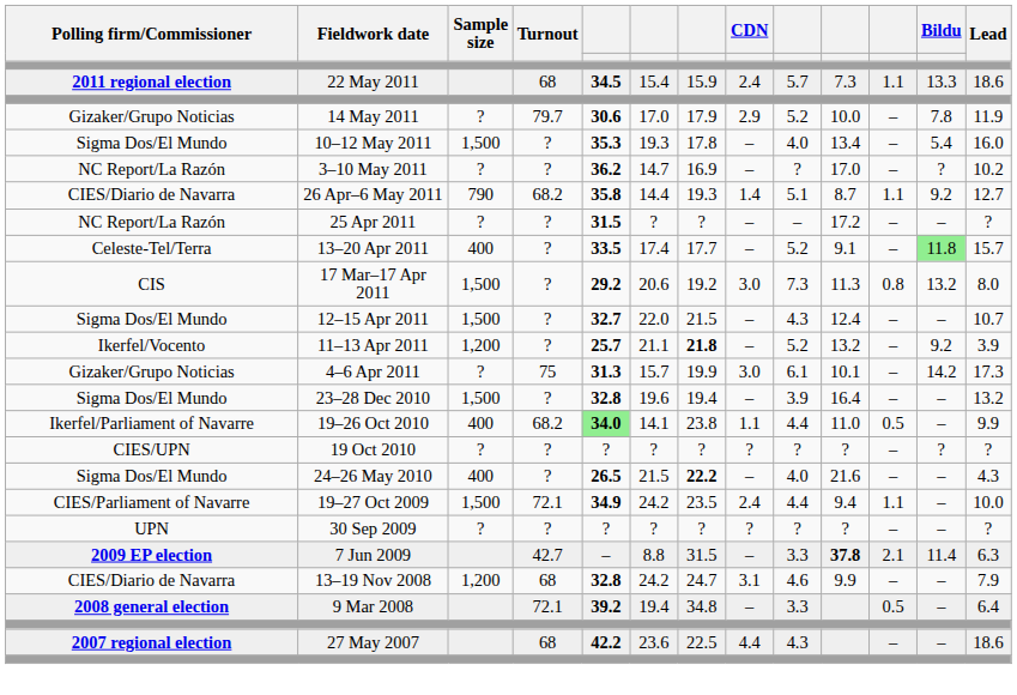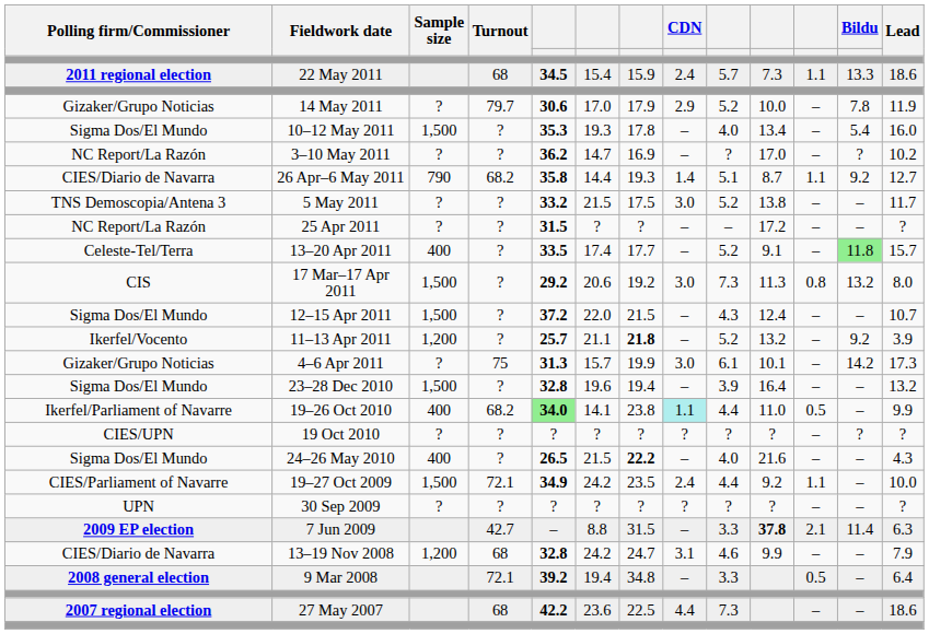 <table class="wikitable collapsible collapsed" style="text-align:center; font-size:95%; line-height:16px;">
 <tr style="height:42px;">
 <th style="width:250px;" rowspan="2">Polling firm/Commissioner</th>
 <th style="width:125px;" rowspan="2">Fieldwork date</th>
 <th style="width:50px;" rowspan="2">Sample size</th>
 <th style="width:45px;" rowspan="2">Turnout</th>
 <th style="width:35px;"></th>
 <th style="width:35px;"></th>
 <th style="width:35px;"></th>
 <th style="width:35px;"><a href='#'>CDN</a></th>
 <th style="width:35px;"></th>
 <th style="width:35px;"></th>
 <th style="width:35px;"></th>
 <th style="width:35px;"><a href='#'>Bildu</a></th>
 <th style="width:30px;" rowspan="2">Lead</th>
 </tr>
 <tr>
 <th style="color:inherit;background:"></th>
 <th style="color:inherit;background:"></th>
 <th style="color:inherit;background:"></th>
 <th style="color:inherit;background:"></th>
 <th style="color:inherit;background:"></th>
 <th style="color:inherit;background:"></th>
 <th style="color:inherit;background:"></th>
 <th style="color:inherit;background:"></th>
 </tr>
 <tr>
 <td colspan="13" style="background:#A0A0A0"></td>
 </tr>
 <tr style="background:#EFEFEF;">
 <td><strong><a href='#'>2011 regional election</a></strong></td>
 <td>22 May 2011</td>
 <td></td>
 <td>68</td>
 <td><strong>34.5</strong><br></td>
 <td>15.4<br></td>
 <td>15.9<br></td>
 <td>2.4<br></td>
 <td>5.7<br></td>
 <td>7.3<br></td>
 <td>1.1<br></td>
 <td>13.3<br></td>
 <td style="background:">18.6</td>
 </tr>
 <tr>
 <td colspan="13" style="background:#A0A0A0"></td>
 </tr>
 <tr>
 <td>Gizaker/Grupo Noticias</td>
 <td>14 May 2011</td>
 <td>?</td>
 <td>79.7</td>
 <td><strong>30.6</strong><br></td>
 <td>17.0<br></td>
 <td>17.9<br></td>
 <td>2.9<br></td>
 <td>5.2<br></td>
 <td>10.0<br></td>
 <td>–</td>
 <td>7.8<br></td>
 <td style="background:">11.9</td>
 </tr>
 <tr>
 <td>Sigma Dos/El Mundo</td>
 <td>10–12 May 2011</td>
 <td>1,500</td>
 <td>?</td>
 <td><strong>35.3</strong><br></td>
 <td>19.3<br></td>
 <td>17.8<br></td>
 <td>–</td>
 <td>4.0<br></td>
 <td>13.4<br></td>
 <td>–</td>
 <td>5.4<br></td>
 <td style="background:">16.0</td>
 </tr>
 <tr>
 <td>NC Report/La Razón</td>
 <td>3–10 May 2011</td>
 <td>?</td>
 <td>?</td>
 <td><strong>36.2</strong><br></td>
 <td>14.7<br></td>
 <td>16.9<br></td>
 <td>–</td>
 <td>?<br></td>
 <td>17.0<br></td>
 <td>–</td>
 <td>?<br></td>
 <td style="background:">10.2</td>
 </tr>
 <tr>
 <td>CIES/Diario de Navarra</td>
 <td>26 Apr–6 May 2011</td>
 <td>790</td>
 <td>68.2</td>
 <td><strong>35.8</strong><br></td>
 <td>14.4<br></td>
 <td>19.3<br></td>
 <td>1.4<br></td>
 <td>5.1<br></td>
 <td>8.7<br></td>
 <td>1.1<br></td>
 <td>9.2<br></td>
 <td style="background:">12.7</td>
 </tr>
 <tr>
+<td>TNS Demoscopia/Antena 3</td>
+<td>5 May 2011</td>
+<td>?</td>
+<td>?</td>
+<td><strong>33.2</strong><br></td>
+<td>21.5<br></td>
+<td>17.5<br></td>
+<td>3.0<br></td>
+<td>5.2<br></td>
+<td>13.8<br></td>
+<td>–</td>
+<td>–</td>
+<td style="background:">11.7</td>
+</tr>
+<tr>
 <td>NC Report/La Razón</td>
 <td>25 Apr 2011</td>
 <td>?</td>
 <td>?</td>
 <td><strong>31.5</strong><br></td>
 <td>?<br></td>
 <td>?<br></td>
 <td>–</td>
 <td>–</td>
 <td>17.2<br></td>
 <td>–</td>
 <td>–</td>
 <td style="background:">?</td>
 </tr>
 <tr>
 <td>Celeste-Tel/Terra</td>
 <td>13–20 Apr 2011</td>
 <td>400</td>
 <td>?</td>
 <td><strong>33.5</strong><br></td>
 <td>17.4<br></td>
 <td>17.7<br></td>
 <td>–</td>
 <td>5.2<br></td>
 <td>9.1<br></td>
 <td>–</td>
 <td style="background: lightgreen;">11.8<br></td>
 <td style="background:">15.7</td>
 </tr>
 <tr>
 <td>CIS</td>
 <td>17 Mar–17 Apr 2011</td>
 <td>1,500</td>
 <td>?</td>
 <td><strong>29.2</strong><br></td>
 <td>20.6<br></td>
 <td>19.2<br></td>
 <td>3.0<br></td>
 <td>7.3<br></td>
 <td>11.3<br></td>
 <td>0.8<br></td>
 <td>13.2<br></td>
 <td style="background:">8.0</td>
 </tr>
 <tr>
 <td>Sigma Dos/El Mundo</td>
 <td>12–15 Apr 2011</td>
 <td>1,500</td>
 <td>?</td>
-<td><strong>32.7</strong><br></td>
+<td><strong>37.2</strong><br></td>
 <td>22.0<br></td>
 <td>21.5<br></td>
 <td>–</td>
 <td>4.3<br></td>
 <td>12.4<br></td>
 <td>–</td>
 <td>–</td>
 <td style="background:">10.7</td>
 </tr>
 <tr>
 <td>Ikerfel/Vocento</td>
 <td>11–13 Apr 2011</td>
 <td>1,200</td>
 <td>?</td>
 <td><strong>25.7</strong><br></td>
 <td>21.1<br></td>
 <td><strong>21.8<br></strong></td>
 <td>–</td>
 <td>5.2<br></td>
 <td>13.2<br></td>
 <td>–</td>
 <td>9.2<br></td>
 <td style="background:">3.9</td>
 </tr>
 <tr>
 <td>Gizaker/Grupo Noticias</td>
 <td>4–6 Apr 2011</td>
 <td>?</td>
 <td>75</td>
 <td><strong>31.3</strong><br></td>
 <td>15.7<br></td>
 <td>19.9<br></td>
 <td>3.0<br></td>
 <td>6.1<br></td>
 <td>10.1<br></td>
 <td>–</td>
 <td>14.2<br></td>
 <td style="background:">17.3</td>
 </tr>
 <tr>
 <td>Sigma Dos/El Mundo</td>
 <td>23–28 Dec 2010</td>
 <td>1,500</td>
 <td>?</td>
 <td><strong>32.8</strong><br></td>
 <td>19.6<br></td>
 <td>19.4<br></td>
 <td>–</td>
 <td>3.9<br></td>
 <td>16.4<br></td>
 <td>–</td>
 <td>–</td>
 <td style="background:">13.2</td>
 </tr>
 <tr>
 <td>Ikerfel/Parliament of Navarre</td>
 <td>19–26 Oct 2010</td>
 <td>400</td>
 <td>68.2</td>
 <td style="background: lightgreen;"><strong>34.0</strong><br></td>
 <td>14.1<br></td>
 <td>23.8<br></td>
-<td>1.1<br></td>
+<td style="background: paleturquoise;">1.1<br></td>
 <td>4.4<br></td>
 <td>11.0<br></td>
 <td>0.5<br></td>
 <td>–</td>
 <td style="background:">9.9</td>
 </tr>
 <tr>
 <td>CIES/UPN</td>
 <td>19 Oct 2010</td>
 <td>?</td>
 <td>?</td>
 <td>?<br></td>
 <td>?<br></td>
 <td>?<br></td>
 <td>?<br></td>
 <td>?<br></td>
 <td>?<br></td>
 <td>–</td>
 <td>?<br></td>
 <td style="background:">?</td>
 </tr>
 <tr>
 <td>Sigma Dos/El Mundo</td>
 <td>24–26 May 2010</td>
 <td>400</td>
 <td>?</td>
 <td><strong>26.5</strong><br></td>
 <td>21.5<br></td>
 <td><strong>22.2<br></strong></td>
 <td>–</td>
 <td>4.0<br></td>
 <td>21.6<br></td>
 <td>–</td>
 <td>–</td>
 <td style="background:">4.3</td>
 </tr>
 <tr>
 <td>CIES/Parliament of Navarre</td>
 <td>19–27 Oct 2009</td>
 <td>1,500</td>
 <td>72.1</td>
 <td><strong>34.9</strong><br></td>
 <td>24.2<br></td>
 <td>23.5<br></td>
 <td>2.4<br></td>
 <td>4.4<br></td>
-<td>9.4<br></td>
+<td>9.2<br></td>
 <td>1.1<br></td>
 <td>–</td>
 <td style="background:">10.0</td>
 </tr>
 <tr>
 <td>UPN</td>
 <td>30 Sep 2009</td>
 <td>?</td>
 <td>?</td>
 <td>?<br></td>
 <td>?<br></td>
 <td>?<br></td>
 <td>?<br></td>
 <td>?<br></td>
 <td>?<br></td>
 <td>–</td>
 <td>–</td>
 <td style="background:">?</td>
 </tr>
 <tr style="background:#EFEFEF;">
 <td><strong><a href='#'>2009 EP election</a></strong></td>
 <td>7 Jun 2009</td>
 <td></td>
 <td>42.7</td>
 <td>–</td>
 <td>8.8<br></td>
 <td>31.5<br></td>
 <td>–</td>
 <td>3.3<br></td>
 <td><strong>37.8</strong><br></td>
 <td>2.1<br></td>
 <td>11.4<br></td>
 <td style="background:">6.3</td>
 </tr>
 <tr>
 <td>CIES/Diario de Navarra</td>
 <td>13–19 Nov 2008</td>
 <td>1,200</td>
 <td>68</td>
 <td><strong>32.8</strong><br></td>
 <td>24.2<br></td>
 <td>24.7<br></td>
 <td>3.1<br></td>
 <td>4.6<br></td>
 <td>9.9<br></td>
 <td>–</td>
 <td>–</td>
 <td style="background:">7.9</td>
 </tr>
 <tr style="background:#EFEFEF;">
 <td><strong><a href='#'>2008 general election</a></strong></td>
 <td>9 Mar 2008</td>
 <td></td>
 <td>72.1</td>
 <td><strong>39.2</strong><br></td>
 <td>19.4<br></td>
 <td>34.8<br></td>
 <td>–</td>
 <td>3.3<br></td>
 <td></td>
 <td>0.5<br></td>
 <td>–</td>
 <td style="background:">6.4</td>
 </tr>
 <tr>
 <td colspan="13" style="background:#A0A0A0"></td>
 </tr>
 <tr style="background:#EFEFEF;">
 <td><strong><a href='#'>2007 regional election</a></strong></td>
 <td>27 May 2007</td>
 <td></td>
 <td>68</td>
 <td><strong>42.2</strong><br></td>
 <td>23.6<br></td>
 <td>22.5<br></td>
 <td>4.4<br></td>
-<td>4.3<br></td>
+<td>7.3<br></td>
 <td></td>
 <td>–</td>
 <td>–</td>
 <td style="background:">18.6</td>
 </tr>
 <tr>
 <td colspan="13" style="background:#A0A0A0"></td>
 </tr>
 </table>
